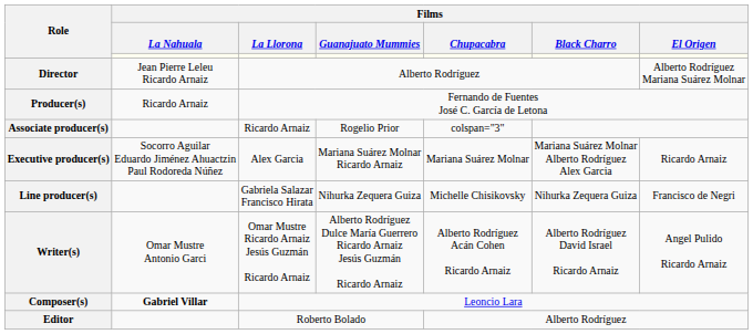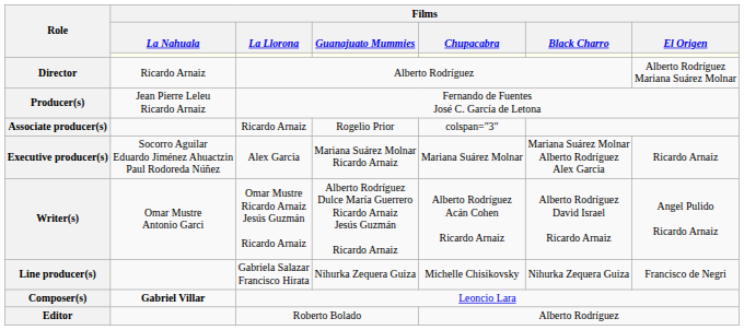 <table class="wikitable" style="text-align:center; font-size:85%;" "width:99%;">
 <tr>
 <th rowspan=3>Role</th>
 <th colspan=6>Films</th>
 </tr>
 <tr>
 <th><a href='#'><em><br>La Nahuala</em></a></th>
 <th><a href='#'><em><br>La Llorona</em></a></th>
 <th><a href='#'><em><br>Guanajuato Mummies</em></a></th>
 <th><a href='#'><em><br>Chupacabra</em></a></th>
 <th><a href='#'><em><br>Black Charro</em></a></th>
 <th><a href='#'><em><br>El Origen</em></a></th>
 </tr>
 <tr>
 <th style="background-color:ivory;"><span></span></th>
 <th style="background-color:ivory;"><span></span></th>
 <th style="background-color:ivory;"><span></span></th>
 <th style="background-color:ivory;"><span></span></th>
 <th style="background-color:ivory;"><span></span></th>
 <th style="background-color:ivory;"><span></span></th>
 </tr>
 <tr>
 <th>Director</th>
-<td>Jean Pierre Leleu<br>Ricardo Arnaiz</td>
+<td>Ricardo Arnaiz</td>
 <td colspan=4>Alberto Rodríguez</td>
 <td>Alberto Rodríguez<br>Mariana Suárez Molnar</td>
 </tr>
 <tr>
 <th>Producer(s)</th>
-<td>Ricardo Arnaiz</td>
+<td>Jean Pierre Leleu<br>Ricardo Arnaiz</td>
 <td colspan=5>Fernando de Fuentes<br>José C. García de Letona</td>
 </tr>
 <tr>
 <th>Associate producer(s)</th>
 <td></td>
 <td>Ricardo Arnaiz</td>
 <td>Rogelio Prior</td>
 <td>colspan="3" </td>
 </tr>
 <tr>
 <th>Executive producer(s)</th>
 <td>Socorro Aguilar<br>Eduardo Jiménez Ahuactzin<br>Paul Rodoreda Núñez</td>
 <td>Alex Garcia</td>
 <td>Mariana Suárez Molnar<br>Ricardo Arnaiz</td>
 <td>Mariana Suárez Molnar</td>
 <td>Mariana Suárez Molnar<br>Alberto Rodríguez<br>Alex Garcia</td>
 <td>Ricardo Arnaiz</td>
 </tr>
 <tr>
+<th>Writer(s)</th>
+<td>Omar Mustre<br>Antonio Garci</td>
+<td>Omar Mustre<br>Ricardo Arnaiz<br>Jesús Guzmán<br><br>Ricardo Arnaiz</td>
+<td>Alberto Rodríguez<br>Dulce María Guerrero<br>Ricardo Arnaiz<br>Jesús Guzmán<br><br>Ricardo Arnaiz</td>
+<td>Alberto Rodríguez<br>Acán Cohen<br><br>Ricardo Arnaiz</td>
+<td>Alberto Rodríguez<br>David Israel<br><br>Ricardo Arnaiz</td>
+<td>Angel Pulido<br><br>Ricardo Arnaiz</td>
+</tr>
+<tr>
 <th>Line producer(s)</th>
 <td></td>
 <td>Gabriela Salazar<br>Francisco Hirata</td>
 <td>Nihurka Zequera Guiza</td>
 <td>Michelle Chisikovsky</td>
 <td>Nihurka Zequera Guiza</td>
 <td>Francisco de Negri</td>
-</tr>
-<tr>
-<th>Writer(s)</th>
-<td>Omar Mustre<br>Antonio Garci</td>
-<td>Omar Mustre<br>Ricardo Arnaiz<br>Jesús Guzmán<br><br>Ricardo Arnaiz</td>
-<td>Alberto Rodríguez<br>Dulce María Guerrero<br>Ricardo Arnaiz<br>Jesús Guzmán<br><br>Ricardo Arnaiz</td>
-<td>Alberto Rodríguez<br>Acán Cohen<br><br>Ricardo Arnaiz</td>
-<td>Alberto Rodríguez<br>David Israel<br><br>Ricardo Arnaiz</td>
-<td>Angel Pulido<br><br>Ricardo Arnaiz</td>
 </tr>
 <tr>
 <th>Composer(s)</th>
 <td><strong>Gabriel Villar</strong></td>
 <td colspan=5><a href='#'>Leoncio Lara</a></td>
 </tr>
 <tr>
 <th>Editor</th>
 <td></td>
 <td colspan="2">Roberto Bolado</td>
 <td colspan="3">Alberto Rodríguez</td>
 </tr>
 </table>
